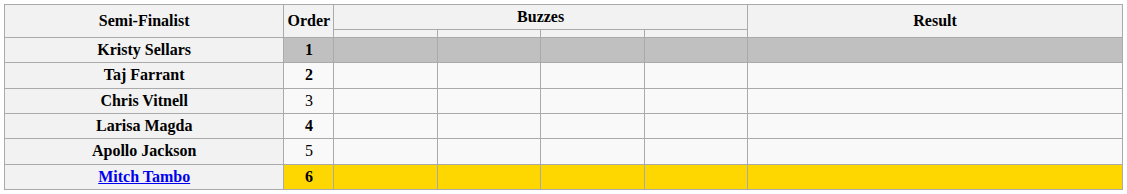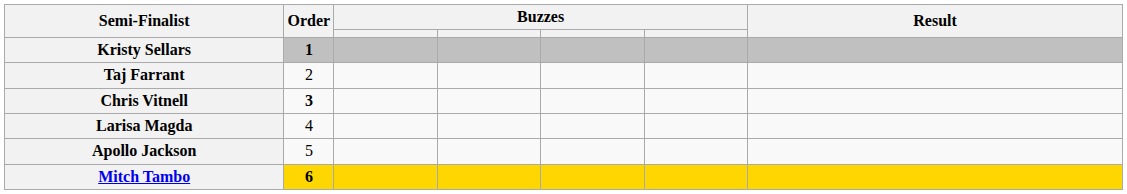 <table class="wikitable plainrowheaders sortable" style="text-align:center;">
 <tr>
 <th scope="col" rowspan="2" class="unsortable" style="width:17em;">Semi-Finalist</th>
 <th scope="col" rowspan="2" style="width:1em;">Order</th>
 <th scope="col" colspan="4" class="unsortable" style="width:24em;">Buzzes</th>
 <th scope="col" rowspan="2" style="width:23em;">Result</th>
 </tr>
 <tr>
 <th scope="col" class="unsortable" style="width:6em;"></th>
 <th scope="col" class="unsortable" style="width:6em;"></th>
 <th scope="col" class="unsortable" style="width:6em;"></th>
 <th scope="col" class="unsortable" style="width:6em;"></th>
 </tr>
 <tr bgcolor=silver>
 <th scope="row"><strong>Kristy Sellars</strong></th>
 <td><strong>1</strong></td>
 <td style="text-align:center;"></td>
 <td style="text-align:center;"></td>
 <td style="text-align:center;"></td>
 <td style="text-align:center;"></td>
 <td><strong></strong></td>
 </tr>
 <tr>
 <th scope="row">Taj Farrant</th>
-<td><strong>2</strong></td>
+<td>2</td>
 <td style="text-align:center;"></td>
 <td style="text-align:center;"></td>
 <td style="text-align:center;"></td>
 <td style="text-align:center;"></td>
 <td></td>
 </tr>
 <tr>
 <th scope="row">Chris Vitnell</th>
-<td>3</td>
+<td><strong>3</strong></td>
 <td style="text-align:center;"></td>
 <td style="text-align:center;"></td>
 <td style="text-align:center;"></td>
 <td style="text-align:center;"></td>
 <td></td>
 </tr>
 <tr>
 <th scope="row">Larisa Magda</th>
-<td><strong>4</strong></td>
+<td>4</td>
 <td style="text-align:center;"></td>
 <td style="text-align:center;"></td>
 <td style="text-align:center;"></td>
 <td style="text-align:center;"></td>
 <td></td>
 </tr>
 <tr>
 <th scope="row">Apollo Jackson</th>
 <td>5</td>
 <td style="text-align:center;"></td>
 <td style="text-align:center;"></td>
 <td style="text-align:center;"></td>
 <td style="text-align:center;"></td>
 <td></td>
 </tr>
 <tr bgcolor=gold>
 <th scope="row"><strong><a href='#'>Mitch Tambo</a></strong></th>
 <td><strong>6</strong></td>
 <td style="text-align:center;"></td>
 <td style="text-align:center;"></td>
 <td style="text-align:center;"></td>
 <td style="text-align:center;"></td>
 <td><strong></strong></td>
 </tr>
 </table>
